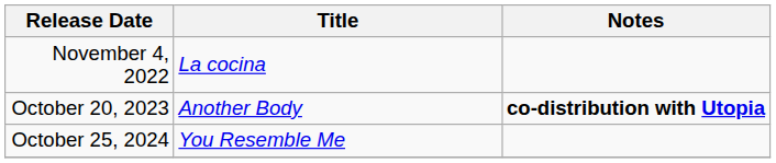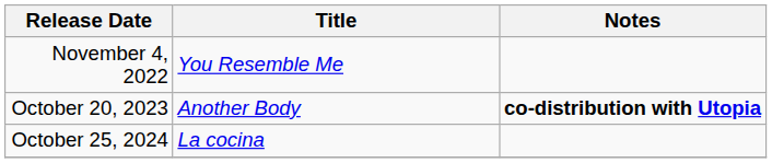 <table class="wikitable sortable">
 <tr>
 <th style="width:125px;">Release Date</th>
 <th style="width:250px;">Title</th>
 <th>Notes</th>
 </tr>
 <tr>
 <td style="text-align:right;">November 4, 2022</td>
-<td><em><a href='#'>La cocina</a></em></td>
+<td><em><a href='#'>You Resemble Me</a></em></td>
 <td></td>
 </tr>
 <tr>
 <td style="text-align:right;">October 20, 2023</td>
 <td><em><a href='#'>Another Body</a></em></td>
 <td><strong>co-distribution with <a href='#'>Utopia</a></strong></td>
 </tr>
 <tr>
 <td style="text-align:right;">October 25, 2024</td>
-<td><em><a href='#'>You Resemble Me</a></em></td>
+<td><em><a href='#'>La cocina</a></em></td>
 <td></td>
 </tr>
 <tr>
 </tr>
 </table>
